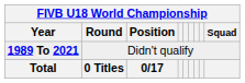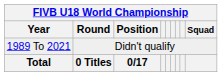 <table class="wikitable" style="text-align: center;">
 <tr>
 <th colspan=9><a href='#'>FIVB U18 World Championship</a></th>
 </tr>
 <tr>
 <th>Year</th>
 <th>Round</th>
 <th>Position</th>
 <th></th>
 <th></th>
 <th></th>
 <th></th>
 <th></th>
 <th><small>Squad</small></th>
 </tr>
 <tr bgcolor="efefef">
-<td><strong><a href='#'>1989</a> To <a href='#'>2021</a></strong></td>
+<td><a href='#'>1989</a> To <a href='#'>2021</a></td>
 <td colspan="8" rowspan=1>Didn't qualify</td>
 </tr>
 <tr>
 <th>Total</th>
 <th>0 Titles</th>
 <th>0/17</th>
 <th></th>
 <th></th>
 <th></th>
 <th></th>
 <th></th>
 <th></th>
 </tr>
 </table>
